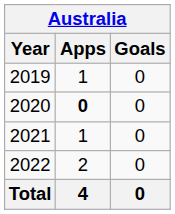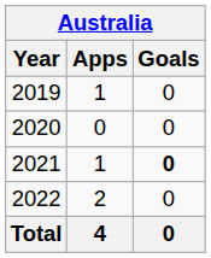 <table class="wikitable" style="text-align:center">
 <tr>
 <th colspan=3><a href='#'>Australia</a></th>
 </tr>
 <tr>
 <th>Year</th>
 <th>Apps</th>
 <th>Goals</th>
 </tr>
 <tr>
 <td>2019</td>
 <td>1</td>
 <td>0</td>
 </tr>
 <tr>
 <td>2020</td>
-<td><strong>0</strong></td>
+<td>0</td>
 <td>0</td>
 </tr>
 <tr>
 <td>2021</td>
 <td>1</td>
-<td>0</td>
+<td><strong>0</strong></td>
 </tr>
 <tr>
 <td>2022</td>
 <td>2</td>
 <td>0</td>
 </tr>
 <tr>
 <th>Total</th>
 <th>4</th>
 <th>0</th>
 </tr>
 </table>
